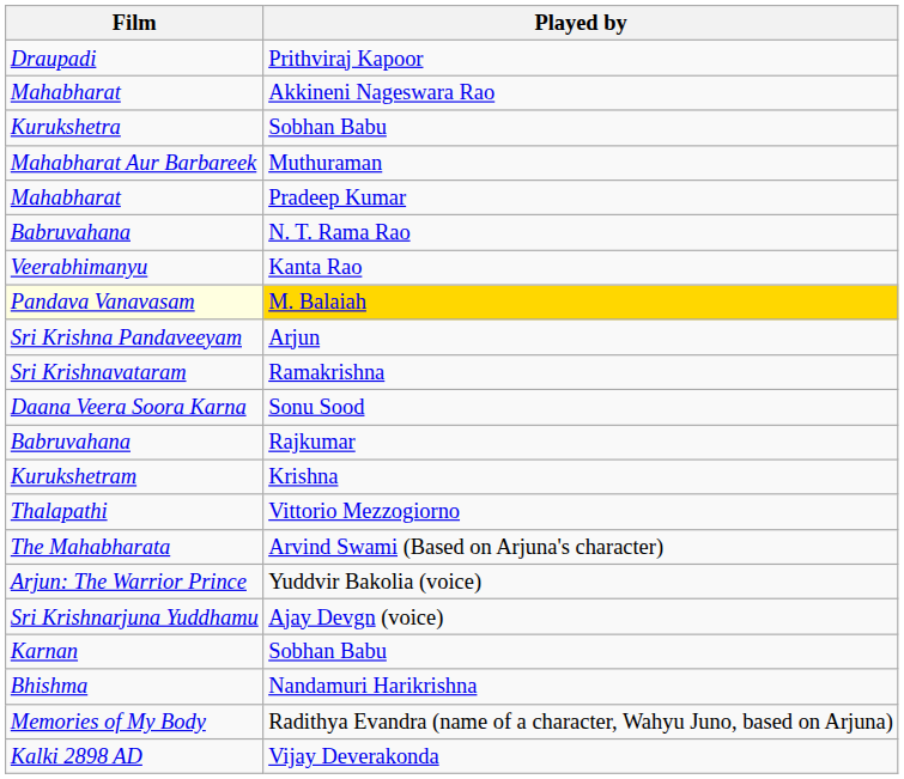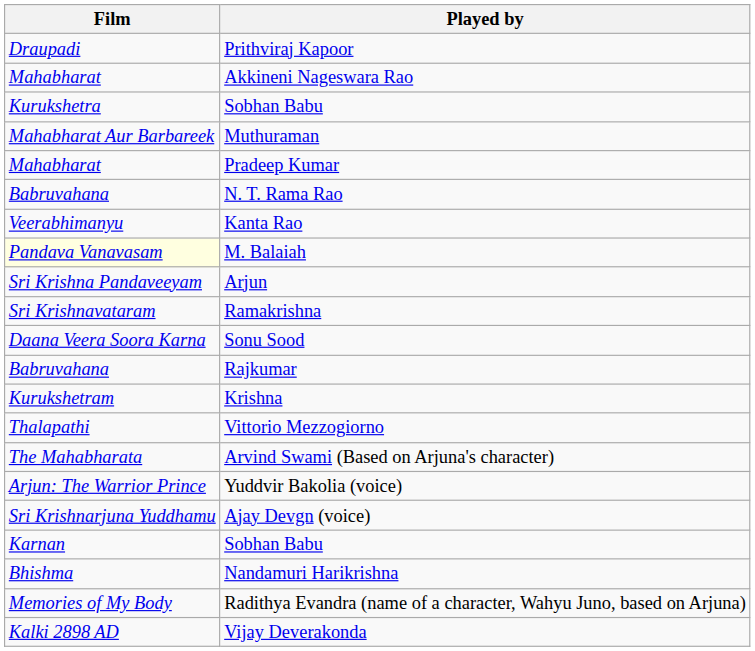 <table class="wikitable sortable">
 <tr>
 <th>Film</th>
 <th>Played by</th>
 </tr>
 <tr>
 <td><em><a href='#'>Draupadi</a></em></td>
 <td><a href='#'>Prithviraj Kapoor</a></td>
 </tr>
 <tr>
 <td><em><a href='#'>Mahabharat</a></em></td>
 <td><a href='#'>Akkineni Nageswara Rao</a></td>
 </tr>
 <tr>
 <td><em><a href='#'>Kurukshetra</a></em></td>
 <td><a href='#'>Sobhan Babu</a></td>
 </tr>
 <tr>
 <td><em><a href='#'>Mahabharat Aur Barbareek</a></em></td>
 <td><a href='#'>Muthuraman</a></td>
 </tr>
 <tr>
 <td><em><a href='#'>Mahabharat</a></em></td>
 <td><a href='#'>Pradeep Kumar</a></td>
 </tr>
 <tr>
 <td><em><a href='#'>Babruvahana</a></em></td>
 <td><a href='#'>N. T. Rama Rao</a></td>
 </tr>
 <tr>
 <td><em><a href='#'>Veerabhimanyu</a></em></td>
 <td><a href='#'>Kanta Rao</a></td>
 </tr>
 <tr>
 <td style="background: lightyellow;"><em><a href='#'>Pandava Vanavasam</a></em></td>
-<td style="background: gold;"><a href='#'>M. Balaiah</a></td>
+<td><a href='#'>M. Balaiah</a></td>
 </tr>
 <tr>
 <td><em><a href='#'>Sri Krishna Pandaveeyam</a></em></td>
 <td><a href='#'>Arjun</a></td>
 </tr>
 <tr>
 <td><em><a href='#'>Sri Krishnavataram</a></em></td>
 <td><a href='#'>Ramakrishna</a></td>
 </tr>
 <tr>
 <td><em><a href='#'>Daana Veera Soora Karna</a></em></td>
 <td><a href='#'>Sonu Sood</a></td>
 </tr>
 <tr>
 <td><em><a href='#'>Babruvahana</a></em></td>
 <td><a href='#'>Rajkumar</a></td>
 </tr>
 <tr>
 <td><em><a href='#'>Kurukshetram</a></em></td>
 <td><a href='#'>Krishna</a></td>
 </tr>
 <tr>
 <td><em><a href='#'>Thalapathi</a></em></td>
 <td><a href='#'>Vittorio Mezzogiorno</a></td>
 </tr>
 <tr>
 <td><em><a href='#'>The Mahabharata</a></em></td>
 <td><a href='#'>Arvind Swami</a> (Based on Arjuna's character)</td>
 </tr>
 <tr>
 <td><em><a href='#'>Arjun: The Warrior Prince</a></em></td>
 <td>Yuddvir Bakolia (voice)</td>
 </tr>
 <tr>
 <td><em><a href='#'>Sri Krishnarjuna Yuddhamu</a></em></td>
 <td><a href='#'>Ajay Devgn</a> (voice)</td>
 </tr>
 <tr>
 <td><em><a href='#'>Karnan</a></em></td>
 <td><a href='#'>Sobhan Babu</a></td>
 </tr>
 <tr>
 <td><em><a href='#'>Bhishma</a></em></td>
 <td><a href='#'>Nandamuri Harikrishna</a></td>
 </tr>
 <tr>
 <td><em><a href='#'>Memories of My Body</a></em></td>
 <td>Radithya Evandra (name of a character, Wahyu Juno, based on Arjuna)</td>
 </tr>
 <tr>
 <td><em><a href='#'>Kalki 2898 AD</a></em></td>
 <td><a href='#'>Vijay Deverakonda</a></td>
 </tr>
 </table>
